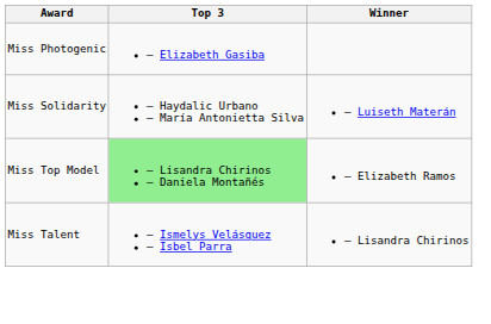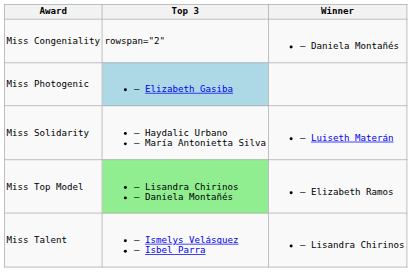 <table class="wikitable sortable" style="font-size: 95%;">
 <tr>
 <th>Award</th>
 <th>Top 3</th>
 <th>Winner</th>
 </tr>
 <tr>
+<td>Miss Congeniality</td>
+<td>rowspan="2" </td>
+<td><br><ul><li> – Daniela Montañés</li></ul></td>
+</tr>
+<tr>
 <td>Miss Photogenic</td>
-<td><br><ul><li> – <a href='#'>Elizabeth Gasiba</a></li></ul></td>
+<td style="background: lightblue;"><br><ul><li> – <a href='#'>Elizabeth Gasiba</a></li></ul></td>
 </tr>
 <tr>
 <td>Miss Solidarity</td>
 <td><br><ul><li> – Haydalic Urbano</li><li> – María Antonietta Silva</li></ul></td>
 <td><br><ul><li> – <a href='#'>Luiseth Materán</a></li></ul></td>
 </tr>
 <tr>
 <td>Miss Top Model</td>
 <td style="background: lightgreen;"><br><ul><li> – Lisandra Chirinos</li><li> – Daniela Montañés</li></ul></td>
 <td><br><ul><li> – Elizabeth Ramos</li></ul></td>
 </tr>
 <tr>
 <td>Miss Talent</td>
 <td><br><ul><li> – <a href='#'>Ismelys Velásquez</a></li><li> – <a href='#'>Isbel Parra</a></li></ul></td>
 <td><br><ul><li> – Lisandra Chirinos</li></ul></td>
 </tr>
 </table>
